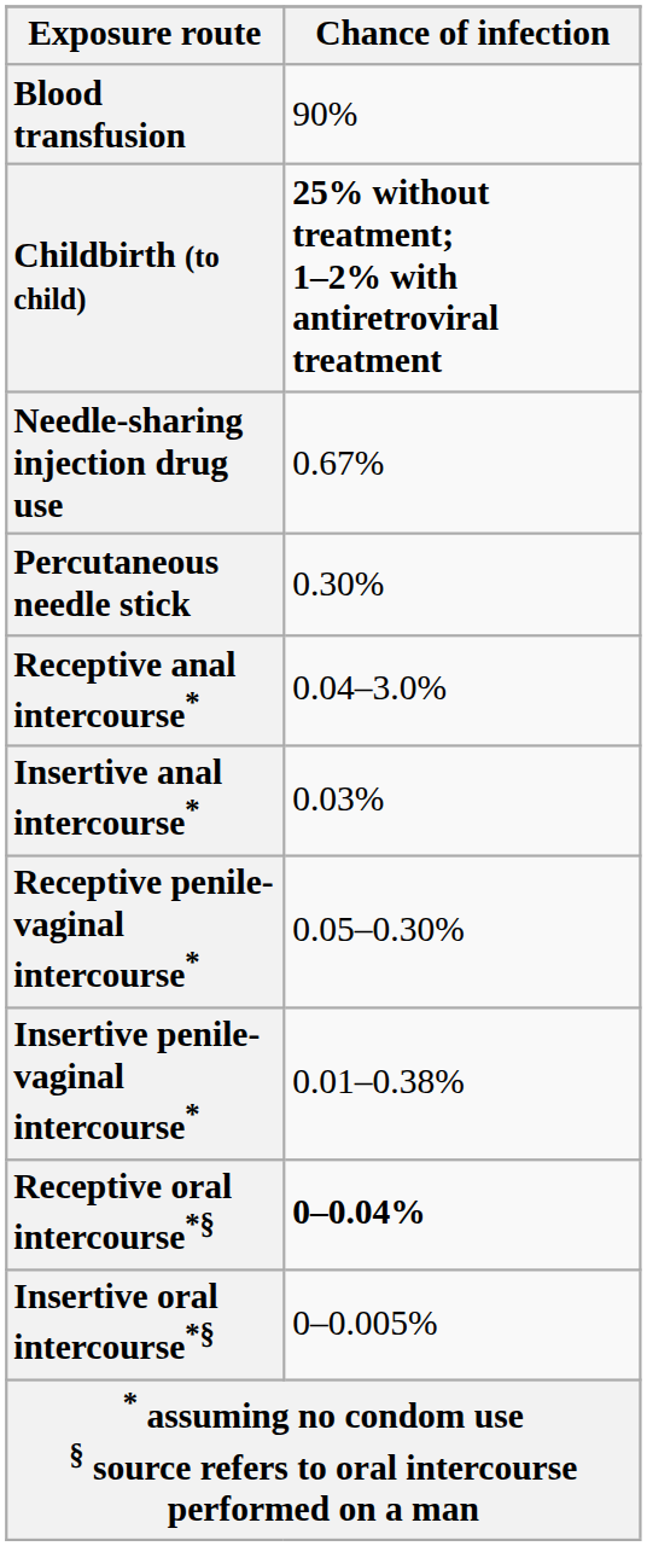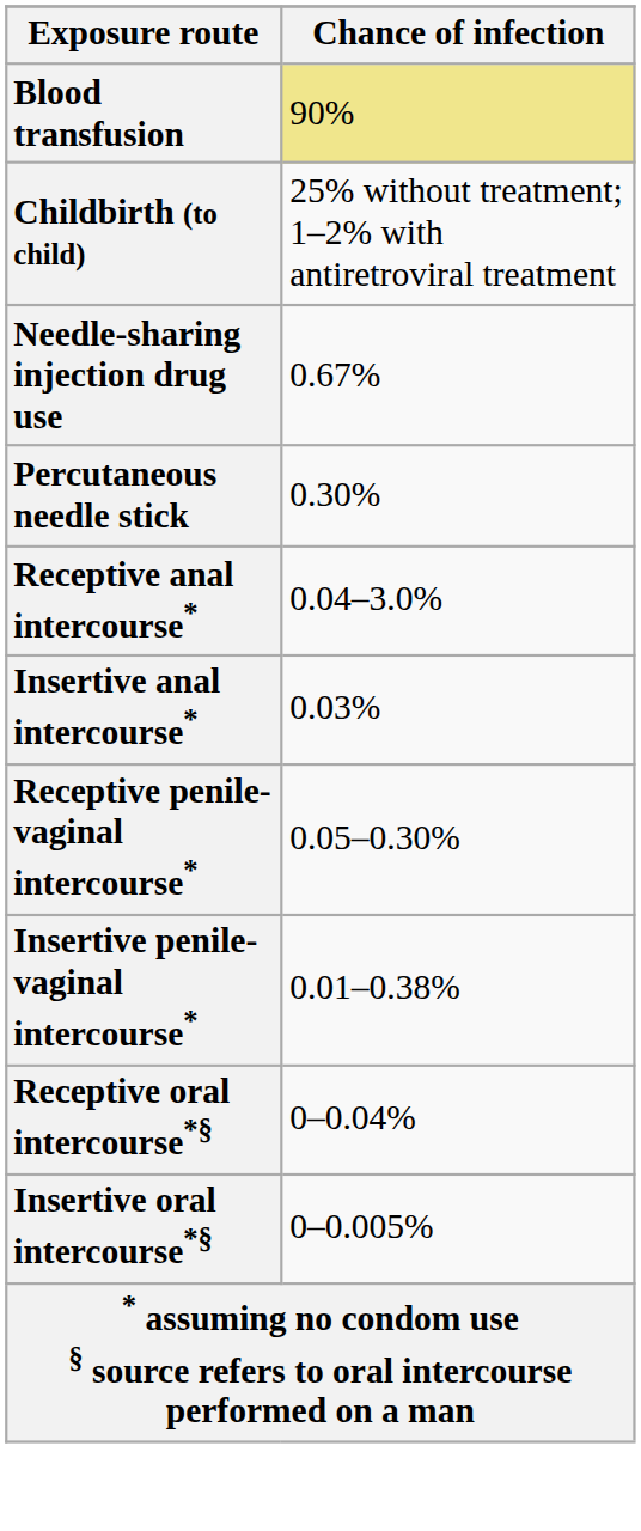 <table class="wikitable" style="float:right; clear:right; font-size:85%; margin-left:15px;">
 <tr style="background:#efefef; ">
 </tr>
 <tr style="background:#efefef; ">
 <th style="width: 100px" abbr="Route">Exposure route</th>
 <th style="width: 130px" abbr="Infections">Chance of infection</th>
 </tr>
 <tr>
 <th style="text-align: left">Blood transfusion</th>
-<td>90%</td>
+<td style="background: khaki;">90%</td>
 </tr>
 <tr>
 <th style="text-align: left">Childbirth <small>(to child)</small></th>
-<td><strong>25% without treatment;<br>1–2% with antiretroviral treatment</strong></td>
+<td>25% without treatment;<br>1–2% with antiretroviral treatment</td>
 </tr>
 <tr>
 <th style="text-align: left">Needle-sharing injection drug use</th>
 <td>0.67%</td>
 </tr>
 <tr>
 <th style="text-align: left">Percutaneous needle stick</th>
 <td>0.30%</td>
 </tr>
 <tr>
 <th style="text-align: left">Receptive anal intercourse<sup>*</sup></th>
 <td>0.04–3.0%</td>
 </tr>
 <tr>
 <th style="text-align: left">Insertive anal intercourse<sup>*</sup></th>
 <td>0.03%</td>
 </tr>
 <tr>
 <th style="text-align: left">Receptive penile-vaginal intercourse<sup>*</sup></th>
 <td>0.05–0.30%</td>
 </tr>
 <tr>
 <th style="text-align: left">Insertive penile-vaginal intercourse<sup>*</sup></th>
 <td>0.01–0.38%</td>
 </tr>
 <tr>
 <th style="text-align: left">Receptive oral intercourse<sup>*§</sup></th>
-<td><strong>0–0.04%</strong></td>
+<td>0–0.04%</td>
 </tr>
 <tr>
 <th style="text-align: left">Insertive oral intercourse<sup>*§</sup></th>
 <td>0–0.005%</td>
 </tr>
 <tr style="background:#efefef; ">
 <th colspan=5 style="border-right:0;"><sup>*</sup> assuming no condom use <br> <sup>§</sup> source refers to oral intercourse<br>performed on a man</th>
 </tr>
 </table>
